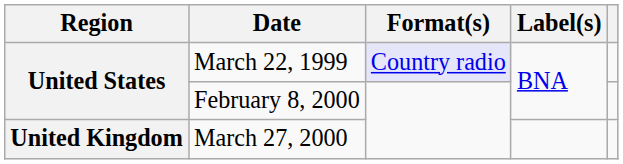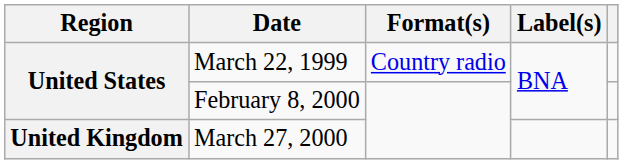 <table class="wikitable plainrowheaders">
 <tr>
 <th scope="col">Region</th>
 <th scope="col">Date</th>
 <th scope="col">Format(s)</th>
 <th scope="col">Label(s)</th>
 <th scope="col"></th>
 </tr>
 <tr>
 <th scope="row" rowspan="2">United States</th>
 <td>March 22, 1999</td>
-<td style="background: lavender;"><a href='#'>Country radio</a></td>
+<td><a href='#'>Country radio</a></td>
 <td rowspan="2"><a href='#'>BNA</a></td>
 <td></td>
 </tr>
 <tr>
 <td>February 8, 2000</td>
 <td rowspan="2"></td>
 <td></td>
 </tr>
 <tr>
 <th scope="row">United Kingdom</th>
 <td>March 27, 2000</td>
 <td></td>
 <td></td>
 </tr>
 </table>
